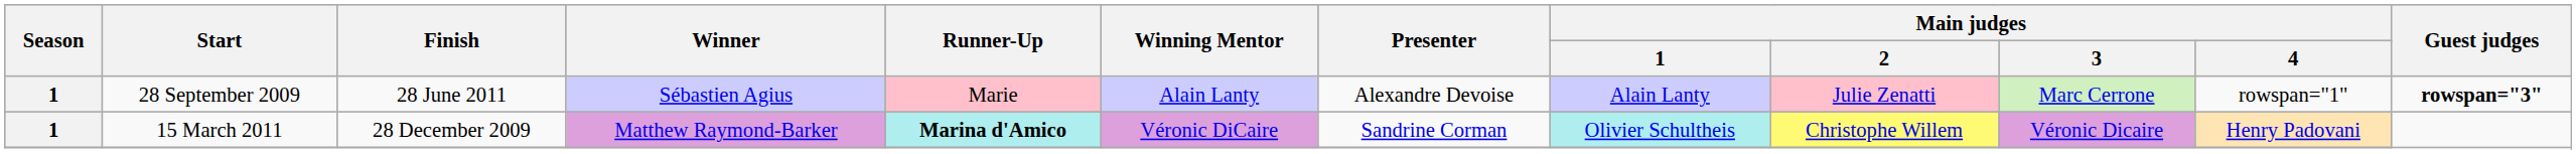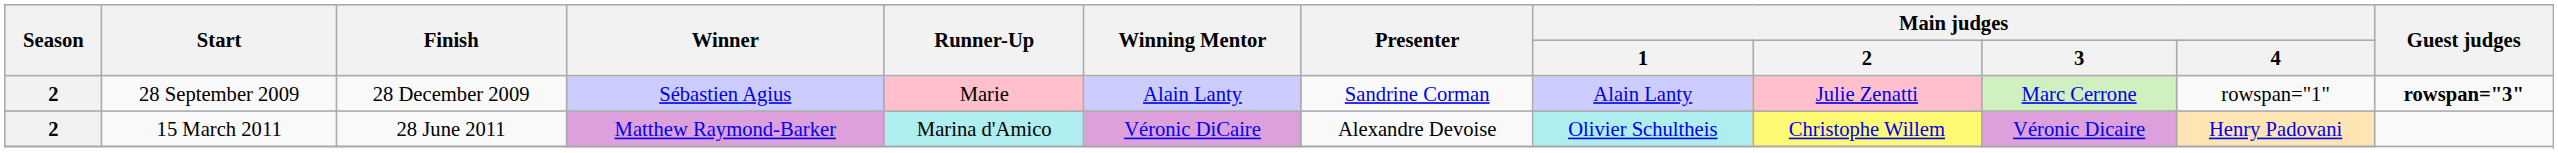 <table class="wikitable"  style="text-align:center; font-size:80%; line-height:16px; width:100%;">
 <tr>
 <th scope="col" rowspan="2">Season</th>
 <th scope="col" rowspan="2">Start</th>
 <th scope="col" rowspan="2">Finish</th>
 <th scope="col" rowspan="2">Winner</th>
 <th scope="col" rowspan="2">Runner-Up</th>
 <th scope="col" rowspan="2">Winning Mentor</th>
 <th scope="col" rowspan="2">Presenter</th>
 <th colspan="4">Main judges</th>
 <th scope="col" rowspan="2">Guest judges</th>
 </tr>
 <tr>
 <th>1</th>
 <th>2</th>
 <th>3</th>
 <th>4</th>
 </tr>
 <tr>
-<th scope="row">1</th>
+<th scope="row">2</th>
 <td>28 September 2009</td>
-<td>28 June 2011</td>
+<td>28 December 2009</td>
 <td bgcolor="#ccf"><a href='#'>Sébastien Agius</a></td>
 <td bgcolor="Pink">Marie</td>
 <td bgcolor="#ccf"><a href='#'>Alain Lanty</a></td>
-<td>Alexandre Devoise</td>
+<td><a href='#'>Sandrine Corman</a></td>
 <td bgcolor="#ccf"><a href='#'>Alain Lanty</a></td>
 <td bgcolor="Pink"><a href='#'>Julie Zenatti</a></td>
 <td bgcolor="#D0f0c0"><a href='#'>Marc Cerrone</a></td>
 <td>rowspan="1" </td>
 <td><strong>rowspan="3" </strong></td>
 </tr>
 <tr>
-<th scope="row">1</th>
+<th scope="row">2</th>
 <td>15 March 2011</td>
-<td>28 December 2009</td>
+<td>28 June 2011</td>
 <td bgcolor="#Dda0dd"><a href='#'>Matthew Raymond-Barker</a></td>
-<td bgcolor="#Afeeee"><strong>Marina d'Amico</strong></td>
+<td bgcolor="#Afeeee">Marina d'Amico</td>
 <td bgcolor="#Dda0dd"><a href='#'>Véronic DiCaire</a></td>
-<td><a href='#'>Sandrine Corman</a></td>
+<td>Alexandre Devoise</td>
 <td bgcolor="#Afeeee"><a href='#'>Olivier Schultheis</a></td>
 <td bgcolor="#fffa73"><a href='#'>Christophe Willem</a></td>
 <td bgcolor="#Dda0dd"><a href='#'>Véronic Dicaire</a></td>
 <td bgcolor="#FFE5B4"><a href='#'>Henry Padovani</a></td>
 </tr>
 <tr>
 </tr>
 </table>
